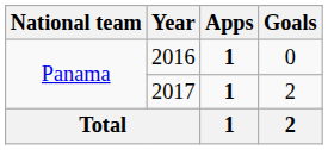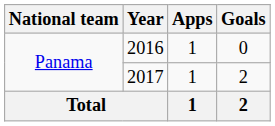 <table class="wikitable" style="text-align:center">
 <tr>
 <th>National team</th>
 <th>Year</th>
 <th>Apps</th>
 <th>Goals</th>
 </tr>
 <tr>
 <td rowspan="2"><a href='#'>Panama</a></td>
 <td>2016</td>
-<td><strong>1</strong></td>
+<td>1</td>
 <td>0</td>
 </tr>
 <tr>
 <td>2017</td>
-<td><strong>1</strong></td>
+<td>1</td>
 <td>2</td>
 </tr>
 <tr>
 <th colspan=2>Total</th>
 <th>1</th>
 <th>2</th>
 </tr>
 </table>
